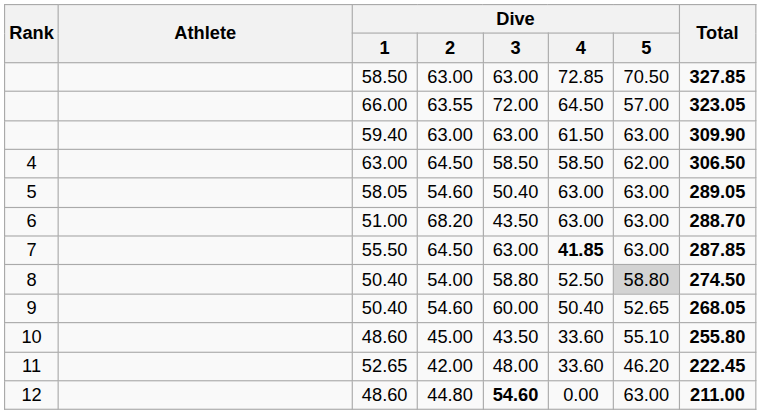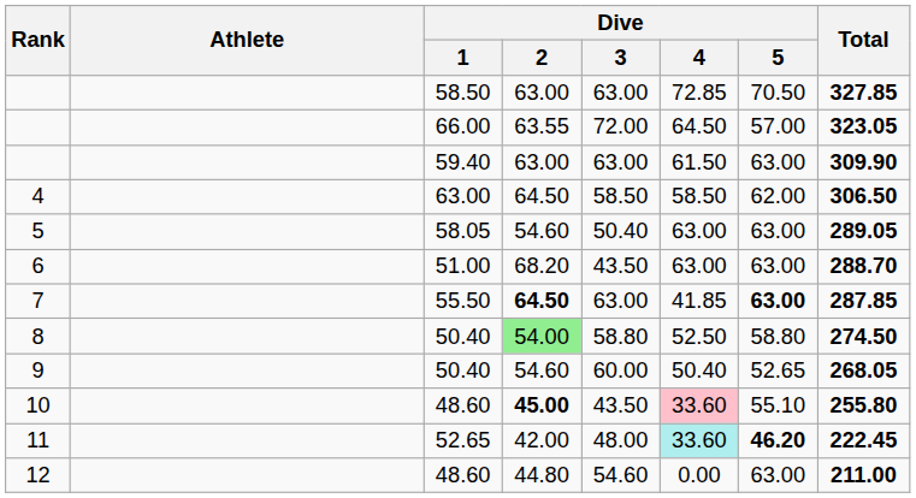 <table class="wikitable" style="text-align:center">
 <tr>
 <th rowspan="2" width="40">Rank</th>
 <th rowspan="2" width="250">Athlete</th>
 <th colspan="5">Dive</th>
 <th rowspan="2" width="60">Total</th>
 </tr>
 <tr>
 <th width="50">1</th>
 <th width="50">2</th>
 <th width="50">3</th>
 <th width="50">4</th>
 <th width="50">5</th>
 </tr>
 <tr>
 <td></td>
 <td align="left"></td>
 <td>58.50</td>
 <td>63.00</td>
 <td>63.00</td>
 <td>72.85</td>
 <td>70.50</td>
 <td><strong>327.85</strong></td>
 </tr>
 <tr>
 <td></td>
 <td align="left"></td>
 <td>66.00</td>
 <td>63.55</td>
 <td>72.00</td>
 <td>64.50</td>
 <td>57.00</td>
 <td><strong>323.05</strong></td>
 </tr>
 <tr>
 <td></td>
 <td align="left"></td>
 <td>59.40</td>
 <td>63.00</td>
 <td>63.00</td>
 <td>61.50</td>
 <td>63.00</td>
 <td><strong>309.90</strong></td>
 </tr>
 <tr>
 <td>4</td>
 <td align="left"></td>
 <td>63.00</td>
 <td>64.50</td>
 <td>58.50</td>
 <td>58.50</td>
 <td>62.00</td>
 <td><strong>306.50</strong></td>
 </tr>
 <tr>
 <td>5</td>
 <td align="left"></td>
 <td>58.05</td>
 <td>54.60</td>
 <td>50.40</td>
 <td>63.00</td>
 <td>63.00</td>
 <td><strong>289.05</strong></td>
 </tr>
 <tr>
 <td>6</td>
 <td align="left"></td>
 <td>51.00</td>
 <td>68.20</td>
 <td>43.50</td>
 <td>63.00</td>
 <td>63.00</td>
 <td><strong>288.70</strong></td>
 </tr>
 <tr>
 <td>7</td>
 <td align="left"></td>
 <td>55.50</td>
-<td>64.50</td>
+<td><strong>64.50</strong></td>
 <td>63.00</td>
-<td><strong>41.85</strong></td>
-<td>63.00</td>
+<td>41.85</td>
+<td><strong>63.00</strong></td>
 <td><strong>287.85</strong></td>
 </tr>
 <tr>
 <td>8</td>
 <td align="left"></td>
 <td>50.40</td>
-<td>54.00</td>
+<td style="background: lightgreen;">54.00</td>
 <td>58.80</td>
 <td>52.50</td>
-<td style="background: lightgrey;">58.80</td>
+<td>58.80</td>
 <td><strong>274.50</strong></td>
 </tr>
 <tr>
 <td>9</td>
 <td align="left"></td>
 <td>50.40</td>
 <td>54.60</td>
 <td>60.00</td>
 <td>50.40</td>
 <td>52.65</td>
 <td><strong>268.05</strong></td>
 </tr>
 <tr>
 <td>10</td>
 <td align="left"></td>
 <td>48.60</td>
-<td>45.00</td>
+<td><strong>45.00</strong></td>
 <td>43.50</td>
-<td>33.60</td>
+<td style="background: pink;">33.60</td>
 <td>55.10</td>
 <td><strong>255.80</strong></td>
 </tr>
 <tr>
 <td>11</td>
 <td align="left"></td>
 <td>52.65</td>
 <td>42.00</td>
 <td>48.00</td>
-<td>33.60</td>
-<td>46.20</td>
+<td style="background: paleturquoise;">33.60</td>
+<td><strong>46.20</strong></td>
 <td><strong>222.45</strong></td>
 </tr>
 <tr>
 <td>12</td>
 <td align="left"></td>
 <td>48.60</td>
 <td>44.80</td>
-<td><strong>54.60</strong></td>
+<td>54.60</td>
 <td>0.00</td>
 <td>63.00</td>
 <td><strong>211.00</strong></td>
 </tr>
 </table>
